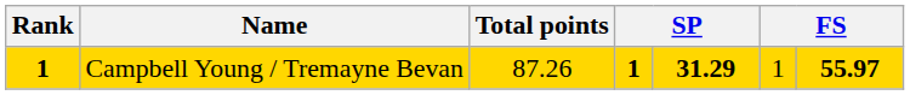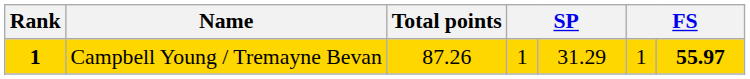 <table class="wikitable sortable">
 <tr>
 <th>Rank</th>
 <th>Name</th>
 <th>Total points</th>
 <th colspan="2" width="80px"><a href='#'>SP</a></th>
 <th colspan="2" width="80px"><a href='#'>FS</a></th>
 </tr>
 <tr bgcolor="gold">
 <td align="center"><strong>1</strong></td>
 <td>Campbell Young / Tremayne Bevan</td>
 <td align="center">87.26</td>
-<td align="center"><strong>1</strong></td>
-<td align="center"><strong>31.29</strong></td>
+<td align="center">1</td>
+<td align="center">31.29</td>
 <td align="center">1</td>
 <td align="center"><strong>55.97</strong></td>
 </tr>
 </table>
